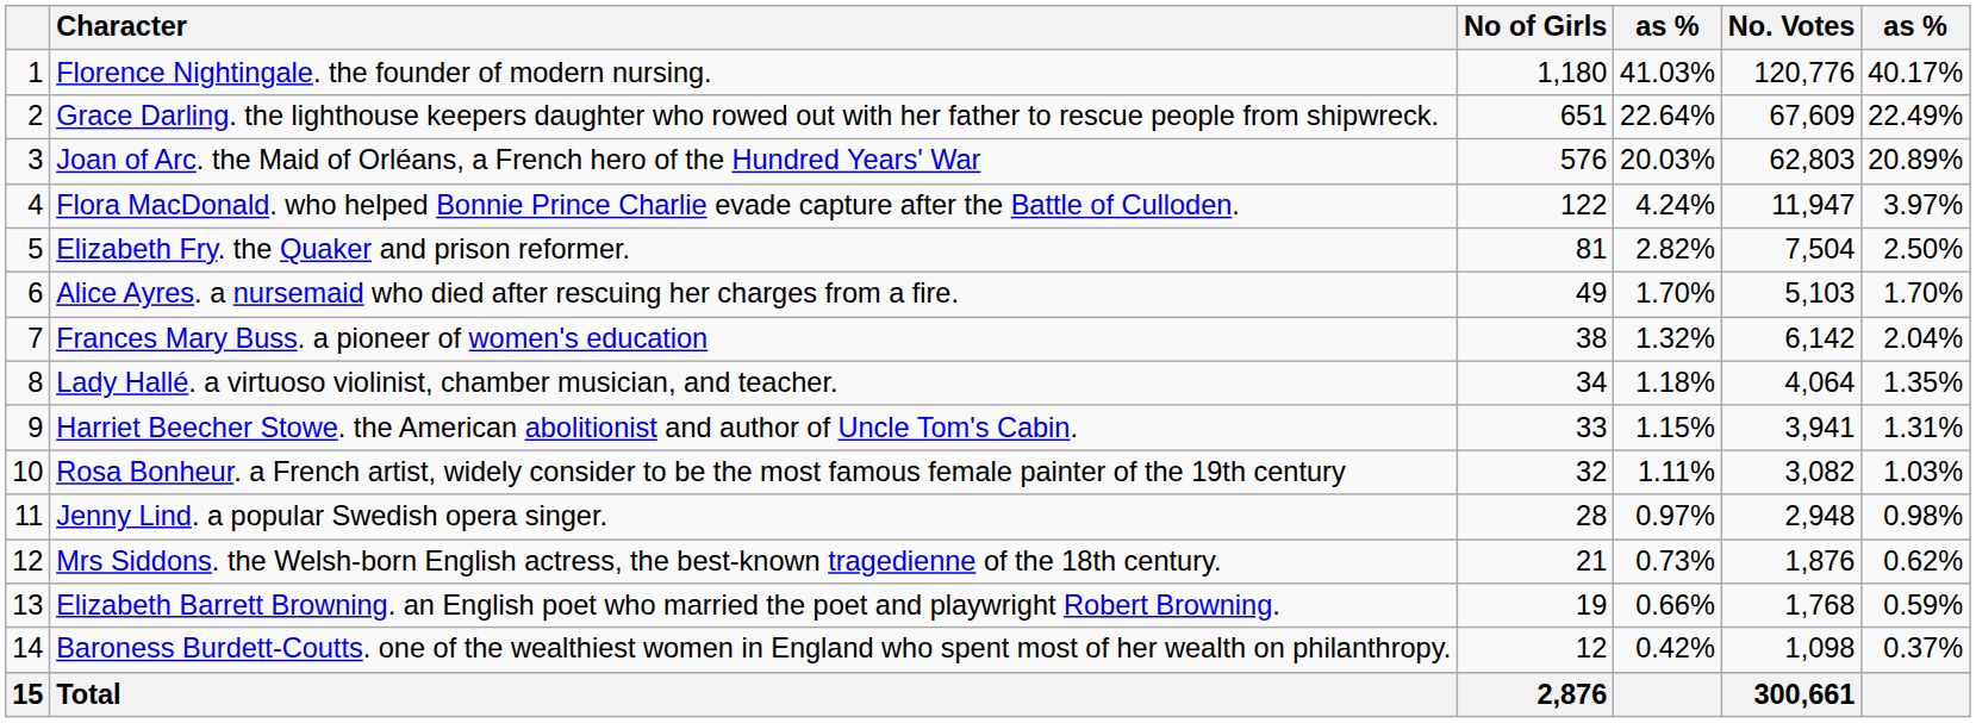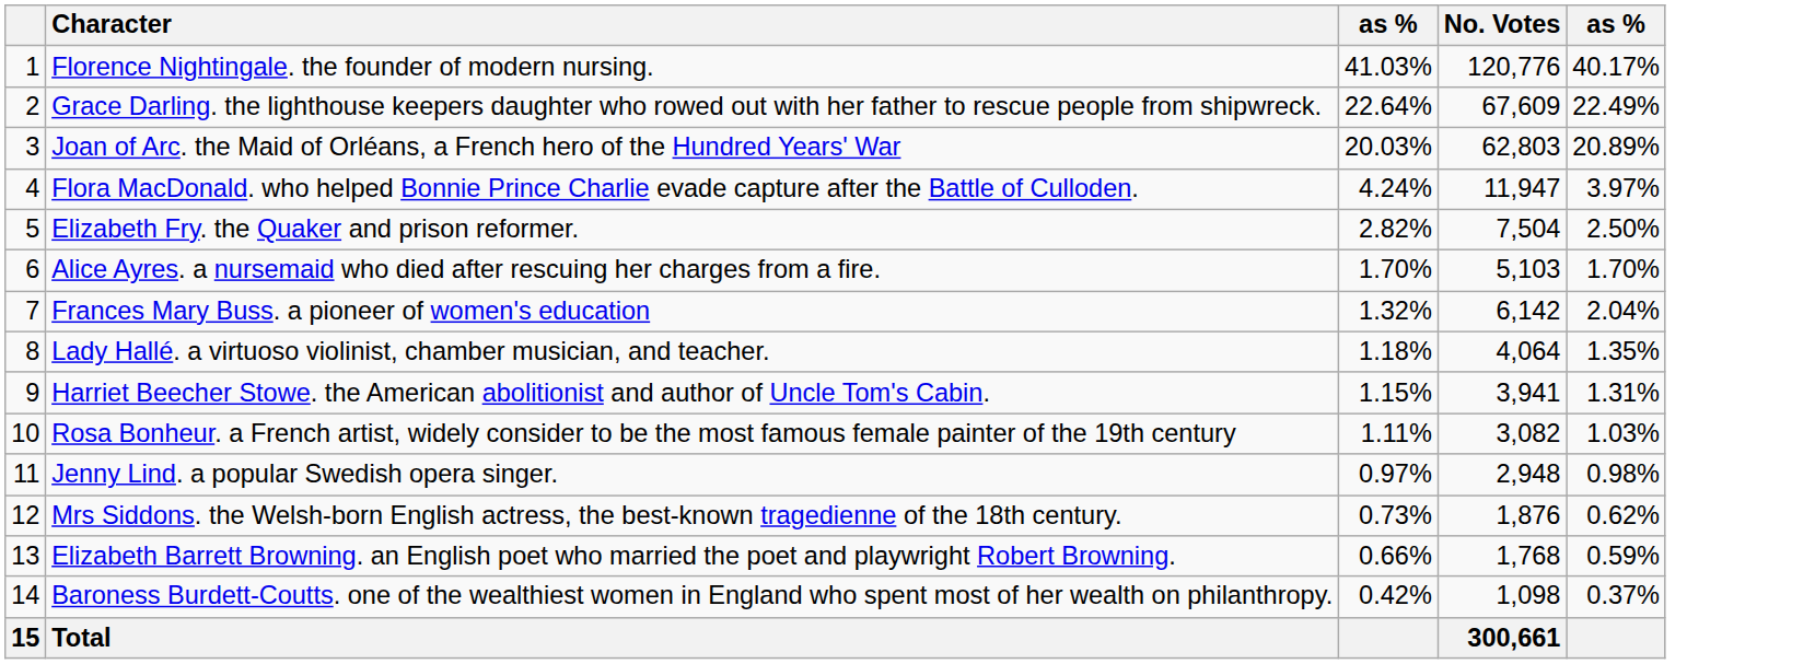 <table class="wikitable sortable" | style="text-align:right;">
 <tr>
 <th></th>
 <th style="text-align:left;">Character</th>
-<th>No of Girls</th>
 <th>as %</th>
 <th>No. Votes</th>
 <th>as %</th>
 </tr>
 <tr>
 <td>1</td>
 <td style="text-align:left;"><a href='#'>Florence Nightingale</a>. the founder of modern nursing.</td>
-<td>1,180</td>
 <td>41.03%</td>
 <td>120,776</td>
 <td>40.17%</td>
 </tr>
 <tr>
 <td>2</td>
 <td style="text-align:left;"><a href='#'>Grace Darling</a>. the lighthouse keepers daughter who rowed out with her father to rescue people from shipwreck.</td>
-<td>651</td>
 <td>22.64%</td>
 <td>67,609</td>
 <td>22.49%</td>
 </tr>
 <tr>
 <td>3</td>
 <td style="text-align:left;"><a href='#'>Joan of Arc</a>. the Maid of Orléans, a French hero of the <a href='#'>Hundred Years' War</a></td>
-<td>576</td>
 <td>20.03%</td>
 <td>62,803</td>
 <td>20.89%</td>
 </tr>
 <tr>
 <td>4</td>
 <td style="text-align:left;"><a href='#'>Flora MacDonald</a>. who helped <a href='#'>Bonnie Prince Charlie</a> evade capture after the <a href='#'>Battle of Culloden</a>.</td>
-<td>122</td>
 <td>4.24%</td>
 <td>11,947</td>
 <td>3.97%</td>
 </tr>
 <tr>
 <td>5</td>
 <td style="text-align:left;"><a href='#'>Elizabeth Fry</a>. the <a href='#'>Quaker</a> and prison reformer.</td>
-<td>81</td>
 <td>2.82%</td>
 <td>7,504</td>
 <td>2.50%</td>
 </tr>
 <tr>
 <td>6</td>
 <td style="text-align:left;"><a href='#'>Alice Ayres</a>. a <a href='#'>nursemaid</a> who died after rescuing her charges from a fire.</td>
-<td>49</td>
 <td>1.70%</td>
 <td>5,103</td>
 <td>1.70%</td>
 </tr>
 <tr>
 <td>7</td>
 <td style="text-align:left;"><a href='#'>Frances Mary Buss</a>. a pioneer of <a href='#'>women's education</a></td>
-<td>38</td>
 <td>1.32%</td>
 <td>6,142</td>
 <td>2.04%</td>
 </tr>
 <tr>
 <td>8</td>
 <td style="text-align:left;"><a href='#'>Lady Hallé</a>. a virtuoso violinist, chamber musician, and teacher.</td>
-<td>34</td>
 <td>1.18%</td>
 <td>4,064</td>
 <td>1.35%</td>
 </tr>
 <tr>
 <td>9</td>
 <td style="text-align:left;"><a href='#'>Harriet Beecher Stowe</a>. the American <a href='#'>abolitionist</a> and author of <a href='#'>Uncle Tom's Cabin</a>.</td>
-<td>33</td>
 <td>1.15%</td>
 <td>3,941</td>
 <td>1.31%</td>
 </tr>
 <tr>
 <td>10</td>
 <td style="text-align:left;"><a href='#'>Rosa Bonheur</a>. a French artist, widely consider to be the most famous female painter of the 19th century</td>
-<td>32</td>
 <td>1.11%</td>
 <td>3,082</td>
 <td>1.03%</td>
 </tr>
 <tr>
 <td>11</td>
 <td style="text-align:left;"><a href='#'>Jenny Lind</a>. a popular Swedish opera singer.</td>
-<td>28</td>
 <td>0.97%</td>
 <td>2,948</td>
 <td>0.98%</td>
 </tr>
 <tr>
 <td>12</td>
 <td style="text-align:left;"><a href='#'>Mrs Siddons</a>. the Welsh-born English actress, the best-known <a href='#'>tragedienne</a> of the 18th century.</td>
-<td>21</td>
 <td>0.73%</td>
 <td>1,876</td>
 <td>0.62%</td>
 </tr>
 <tr>
 <td>13</td>
 <td style="text-align:left;"><a href='#'>Elizabeth Barrett Browning</a>. an English poet who married the poet and playwright <a href='#'>Robert Browning</a>.</td>
-<td>19</td>
 <td>0.66%</td>
 <td>1,768</td>
 <td>0.59%</td>
 </tr>
 <tr>
 <td>14</td>
 <td style="text-align:left;"><a href='#'>Baroness Burdett-Coutts</a>. one of the wealthiest women in England who spent most of her wealth on philanthropy.</td>
-<td>12</td>
 <td>0.42%</td>
 <td>1,098</td>
 <td>0.37%</td>
 </tr>
 <tr>
 <th>15</th>
 <th style="text-align:left;">Total</th>
-<th style="text-align:right;">2,876</th>
 <th></th>
 <th style="text-align:right;">300,661</th>
 <th></th>
 </tr>
 </table>
